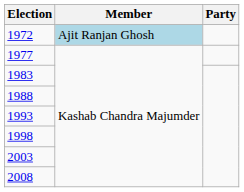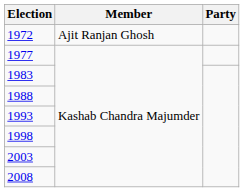 <table class="wikitable sortable">
 <tr>
 <th>Election</th>
 <th>Member</th>
 <th colspan=2>Party</th>
 </tr>
 <tr>
 <td><a href='#'>1972</a></td>
-<td style="background: lightblue;">Ajit Ranjan Ghosh</td>
+<td>Ajit Ranjan Ghosh</td>
 <td></td>
 </tr>
 <tr>
 <td><a href='#'>1977</a></td>
 <td rowspan=7>Kashab Chandra Majumder</td>
 <td></td>
 </tr>
 <tr>
 <td><a href='#'>1983</a></td>
 </tr>
 <tr>
 <td><a href='#'>1988</a></td>
 </tr>
 <tr>
 <td><a href='#'>1993</a></td>
 </tr>
 <tr>
 <td><a href='#'>1998</a></td>
 </tr>
 <tr>
 <td><a href='#'>2003</a></td>
 </tr>
 <tr>
 <td><a href='#'>2008</a></td>
 </tr>
 </table>
